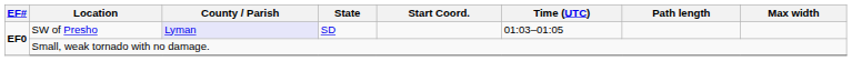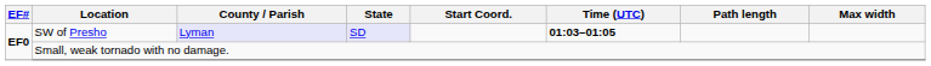 <table class="wikitable sortable" style="width:100%;">
 <tr>
 <th scope="col" width="2%" align="center"><a href='#'>EF#</a></th>
 <th scope="col" align="center" class="unsortable">Location</th>
 <th scope="col" align="center" class="unsortable">County / Parish</th>
 <th scope="col" align="center">State</th>
 <th scope="col" align="center" data-sort-type="number">Start Coord.</th>
 <th scope="col" align="center" data-sort-type="number">Time (<a href='#'>UTC</a>)</th>
 <th scope="col" align="center" data-sort-type="number">Path length</th>
 <th scope="col" align="center" data-sort-type="number">Max width</th>
 </tr>
 <tr>
 <td rowspan="2" align="center"><strong>EF0</strong></td>
 <td>SW of <a href='#'>Presho</a></td>
 <td style="background: lavender;"><a href='#'>Lyman</a></td>
-<td><a href='#'>SD</a></td>
+<td style="background: lavender;"><a href='#'>SD</a></td>
 <td></td>
-<td>01:03–01:05</td>
+<td><strong>01:03–01:05</strong></td>
 <td></td>
 <td></td>
 </tr>
 <tr class="expand-child">
 <td colspan="8" style=" border-bottom: 1px solid black;">Small, weak tornado with no damage.</td>
 </tr>
 <tr>
 </tr>
 </table>
